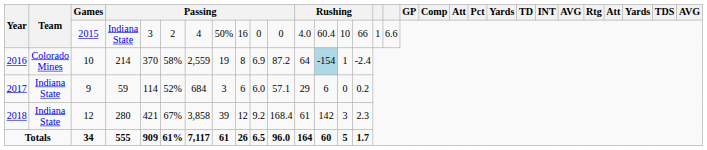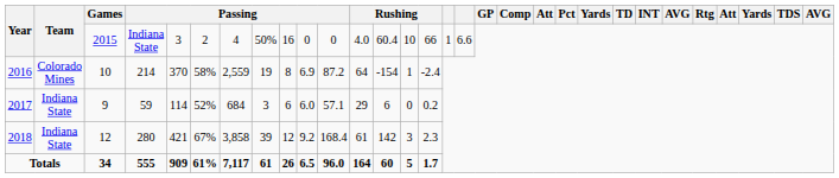 <table class="wikitable" style="text-align:center">
 <tr>
 <th rowspan="2">Year</th>
 <th rowspan="2">Team</th>
 <th colspan="1">Games</th>
 <th colspan="8">Passing</th>
 <th colspan="4">Rushing</th>
 <th></th>
 <th></th>
 <th>GP</th>
 <th>Comp</th>
 <th>Att</th>
 <th>Pct</th>
 <th>Yards</th>
 <th>TD</th>
 <th>INT</th>
 <th>AVG</th>
 <th>Rtg</th>
 <th>Att</th>
 <th>Yards</th>
 <th>TDS</th>
 <th>AVG</th>
 </tr>
 <tr>
 <td><a href='#'>2015</a></td>
 <td><a href='#'>Indiana State</a></td>
 <td>3</td>
 <td>2</td>
 <td>4</td>
 <td>50%</td>
 <td>16</td>
 <td>0</td>
 <td>0</td>
 <td>4.0</td>
 <td>60.4</td>
 <td>10</td>
 <td>66</td>
 <td>1</td>
 <td>6.6</td>
 </tr>
 <tr>
 <td><a href='#'>2016</a></td>
 <td><a href='#'>Colorado Mines</a></td>
 <td>10</td>
 <td>214</td>
 <td>370</td>
 <td>58%</td>
 <td>2,559</td>
 <td>19</td>
 <td>8</td>
 <td>6.9</td>
 <td>87.2</td>
 <td>64</td>
-<td style="background: lightblue;">-154</td>
+<td>-154</td>
 <td>1</td>
 <td>-2.4</td>
 </tr>
 <tr>
 <td><a href='#'>2017</a></td>
 <td><a href='#'>Indiana State</a></td>
 <td>9</td>
 <td>59</td>
 <td>114</td>
 <td>52%</td>
 <td>684</td>
 <td>3</td>
 <td>6</td>
 <td>6.0</td>
 <td>57.1</td>
 <td>29</td>
 <td>6</td>
 <td>0</td>
 <td>0.2</td>
 </tr>
 <tr>
 <td><a href='#'>2018</a></td>
 <td><a href='#'>Indiana State</a></td>
 <td>12</td>
 <td>280</td>
 <td>421</td>
 <td>67%</td>
 <td>3,858</td>
 <td>39</td>
 <td>12</td>
 <td>9.2</td>
 <td>168.4</td>
 <td>61</td>
 <td>142</td>
 <td>3</td>
 <td>2.3</td>
 </tr>
 <tr>
 <td colspan="2"><strong>Totals</strong></td>
 <td><strong>34</strong></td>
 <td><strong>555</strong></td>
 <td><strong>909</strong></td>
 <td><strong>61%</strong></td>
 <td><strong>7,117</strong></td>
 <td><strong>61</strong></td>
 <td><strong>26</strong></td>
 <td><strong>6.5</strong></td>
 <td><strong>96.0</strong></td>
 <td><strong>164</strong></td>
 <td><strong>60</strong></td>
 <td><strong>5</strong></td>
 <td><strong>1.7</strong></td>
 </tr>
 </table>
